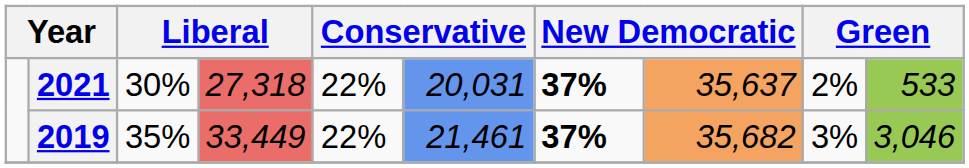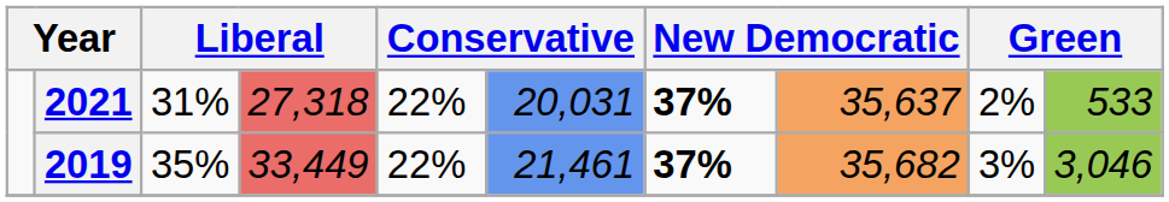 <table class="wikitable" style="float:right; width:400; font-size:90%; margin-left:1em;">
 <tr>
 <th colspan="2" scope="col">Year</th>
 <th colspan="2" scope="col"><a href='#'>Liberal</a></th>
 <th colspan="2" scope="col"><a href='#'>Conservative</a></th>
 <th colspan="2" scope="col"><a href='#'>New Democratic</a></th>
 <th colspan="2" scope="col"><a href='#'>Green</a></th>
 </tr>
 <tr>
 <td rowspan="2" style="width: 0.25em; background-color: "></td>
 <th><a href='#'>2021</a></th>
-<td>30%</td>
+<td>31%</td>
 <td style="text-align:right; background:#EA6D6A;"><em>27,318</em></td>
 <td>22%</td>
 <td style="text-align:right; background:#6495ED;"><em>20,031</em></td>
 <td><strong>37%</strong></td>
 <td style="text-align:right; background:#F4A460;"><em>35,637</em></td>
 <td>2%</td>
 <td style="text-align:right; background:#99C955;"><em>533</em></td>
 </tr>
 <tr>
 <th><a href='#'>2019</a></th>
 <td>35%</td>
 <td style="text-align:right; background:#EA6D6A;"><em>33,449</em></td>
 <td>22%</td>
 <td style="text-align:right; background:#6495ED;"><em>21,461</em></td>
 <td><strong>37%</strong></td>
 <td style="text-align:right; background:#F4A460;"><em>35,682</em></td>
 <td>3%</td>
 <td style="text-align:right; background:#99C955;"><em>3,046</em></td>
 </tr>
 <tr>
 </tr>
 </table>
